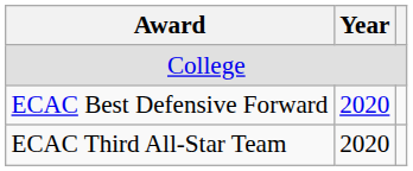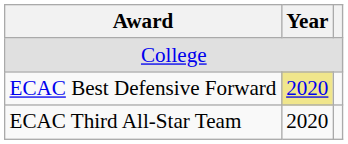 <table class="wikitable">
 <tr>
 <th>Award</th>
 <th>Year</th>
 <th></th>
 </tr>
 <tr ALIGN="center" bgcolor="#e0e0e0">
 <td colspan="3"><a href='#'>College</a></td>
 </tr>
 <tr>
 <td><a href='#'>ECAC</a> Best Defensive Forward</td>
-<td><a href='#'>2020</a></td>
+<td style="background: khaki;"><a href='#'>2020</a></td>
 <td></td>
 </tr>
 <tr>
 <td>ECAC Third All-Star Team</td>
 <td>2020</td>
 <td></td>
 </tr>
 </table>
